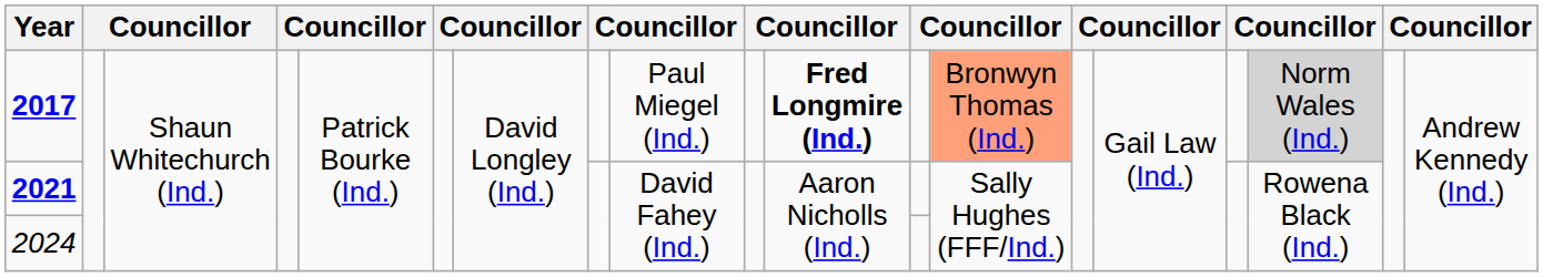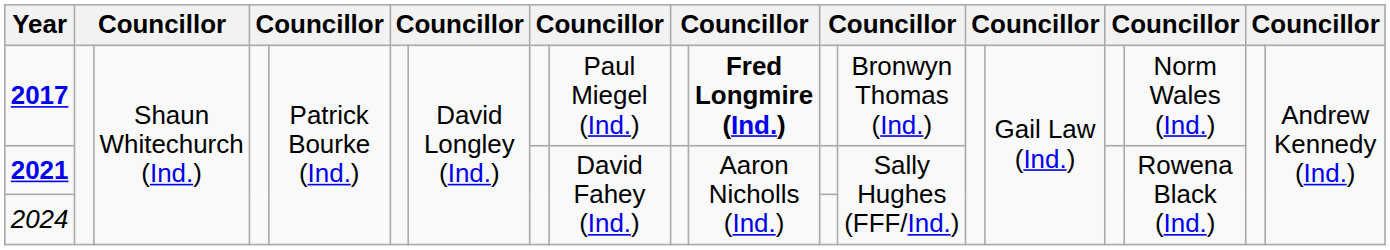 <table class="wikitable">
 <tr>
 <th>Year</th>
 <th colspan="2">Councillor</th>
 <th colspan="2">Councillor</th>
 <th colspan="2">Councillor</th>
 <th colspan="2">Councillor</th>
 <th colspan="2">Councillor</th>
 <th colspan="2">Councillor</th>
 <th colspan="2">Councillor</th>
 <th colspan="2">Councillor</th>
 <th colspan="2">Councillor</th>
 </tr>
 <tr>
 <td align="center"><strong><a href='#'>2017</a></strong></td>
 <td rowspan="3" width="1px" > </td>
 <td rowspan="3"; align="center">Shaun Whitechurch (<a href='#'>Ind.</a>)</td>
 <td rowspan="3" width="1px" > </td>
 <td rowspan="3"; align="center">Patrick Bourke (<a href='#'>Ind.</a>)</td>
 <td rowspan="3" width="1px" > </td>
 <td rowspan="3"; align="center">David Longley (<a href='#'>Ind.</a>)</td>
 <td rowspan="1" width="1px" > </td>
 <td rowspan="1"; align="center">Paul Miegel (<a href='#'>Ind.</a>)</td>
 <td rowspan="1" width="1px" > </td>
 <td rowspan="1"; align="center"><strong>Fred Longmire (<a href='#'>Ind.</a>)</strong></td>
 <td rowspan="1" width="1px" > </td>
-<td rowspan="1"; align="center" style="background: lightsalmon;">Bronwyn Thomas (<a href='#'>Ind.</a>)</td>
+<td rowspan="1"; align="center">Bronwyn Thomas (<a href='#'>Ind.</a>)</td>
 <td rowspan="3" width="1px" > </td>
 <td rowspan="3"; align="center">Gail Law (<a href='#'>Ind.</a>)</td>
 <td rowspan="1" width="1px" > </td>
-<td rowspan="1"; align="center" style="background: lightgrey;">Norm Wales (<a href='#'>Ind.</a>)</td>
+<td rowspan="1"; align="center">Norm Wales (<a href='#'>Ind.</a>)</td>
 <td rowspan="3" width="1px" > </td>
 <td rowspan="3"; align="center">Andrew Kennedy (<a href='#'>Ind.</a>)</td>
 </tr>
 <tr>
 <td align="center"><strong><a href='#'>2021</a></strong></td>
 <td rowspan="2" width="1px" > </td>
 <td rowspan="2"; align="center">David Fahey (<a href='#'>Ind.</a>)</td>
 <td rowspan="2" width="1px" > </td>
 <td rowspan="2"; align="center">Aaron Nicholls (<a href='#'>Ind.</a>)</td>
 <td rowspan="1" width="1px" > </td>
 <td rowspan="2"; align="center">Sally Hughes (FFF/<a href='#'>Ind.</a>)</td>
 <td rowspan="2" width="1px" > </td>
 <td rowspan="2"; align="center">Rowena Black (<a href='#'>Ind.</a>)</td>
 </tr>
 <tr>
 <td align="center"><em>2024</em></td>
 <td rowspan="1" width="1px" > </td>
 </tr>
 </table>
